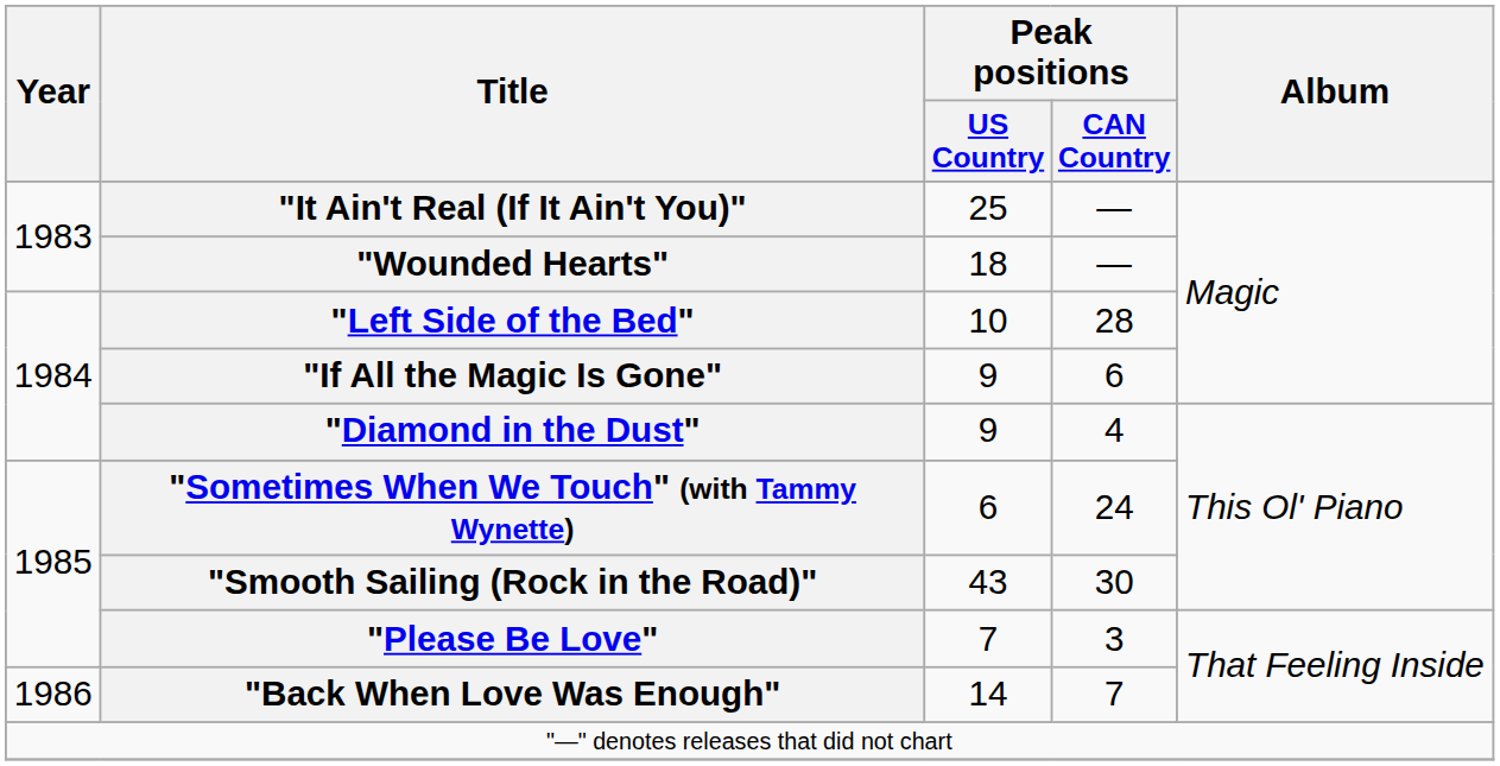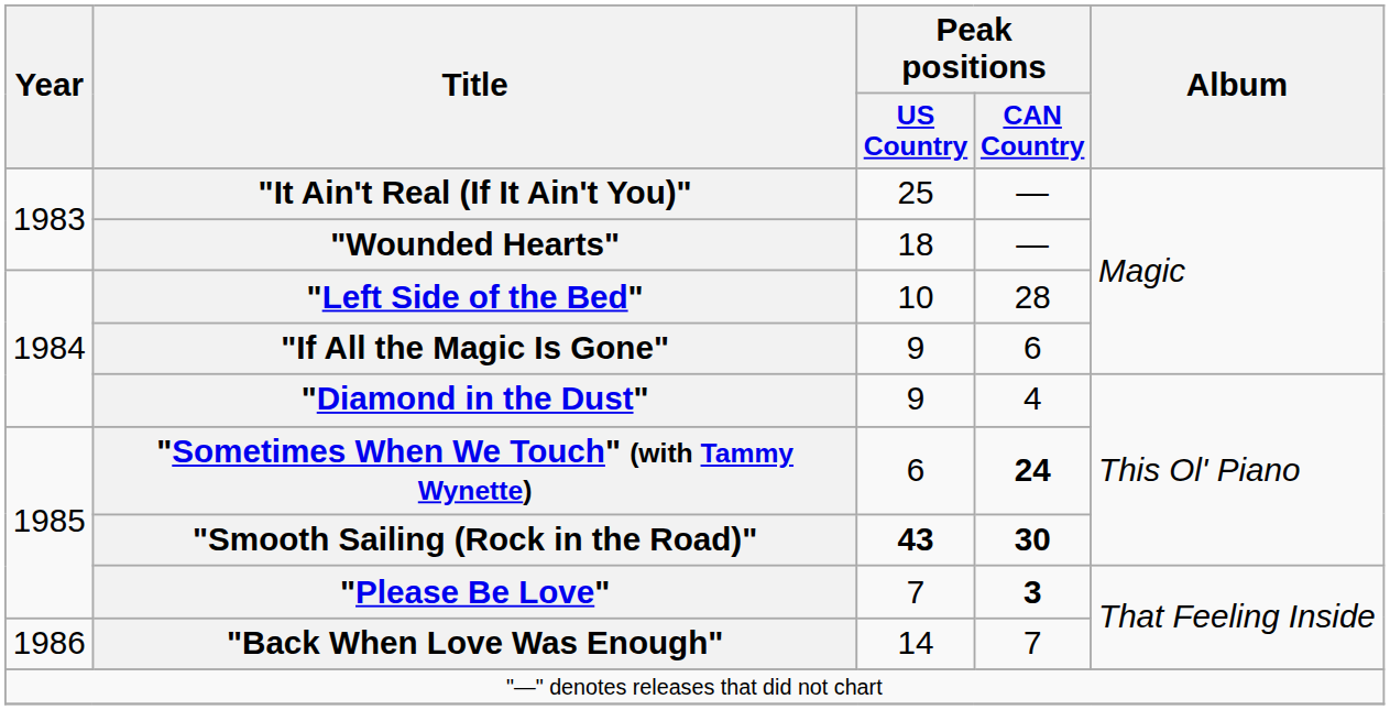 <table class="wikitable plainrowheaders" style=text-align:center;>
 <tr>
 <th scope="col" rowspan="2">Year</th>
 <th scope="col" rowspan="2" style="width:23em;">Title</th>
 <th scope="col" colspan="2">Peak positions</th>
 <th scope="col" rowspan="2">Album</th>
 </tr>
 <tr style="font-size:smaller;">
 <th width="45"><a href='#'>US Country</a><br></th>
 <th width="45"><a href='#'>CAN Country</a></th>
 </tr>
 <tr>
 <td rowspan=2>1983</td>
 <th scope="row">"It Ain't Real (If It Ain't You)"</th>
 <td>25</td>
 <td>—</td>
 <td rowspan=4 align=left><em>Magic</em></td>
 </tr>
 <tr>
 <th scope="row">"Wounded Hearts"</th>
 <td>18</td>
 <td>—</td>
 </tr>
 <tr>
 <td rowspan=3>1984</td>
 <th scope="row">"<a href='#'>Left Side of the Bed</a>"</th>
 <td>10</td>
 <td>28</td>
 </tr>
 <tr>
 <th scope="row">"If All the Magic Is Gone"</th>
 <td>9</td>
 <td>6</td>
 </tr>
 <tr>
 <th scope="row">"<a href='#'>Diamond in the Dust</a>"</th>
 <td>9</td>
 <td>4</td>
 <td rowspan=3 align=left><em>This Ol' Piano</em></td>
 </tr>
 <tr>
 <td rowspan=3>1985</td>
 <th scope="row">"<a href='#'>Sometimes When We Touch</a>" <small>(with <a href='#'>Tammy Wynette</a>)</small></th>
 <td>6</td>
-<td>24</td>
+<td><strong>24</strong></td>
 </tr>
 <tr>
 <th scope="row">"Smooth Sailing (Rock in the Road)"</th>
-<td>43</td>
-<td>30</td>
+<td><strong>43</strong></td>
+<td><strong>30</strong></td>
 </tr>
 <tr>
 <th scope="row">"<a href='#'>Please Be Love</a>"</th>
 <td>7</td>
-<td>3</td>
+<td><strong>3</strong></td>
 <td rowspan=2 align=left><em>That Feeling Inside</em></td>
 </tr>
 <tr>
 <td>1986</td>
 <th scope="row">"Back When Love Was Enough"</th>
 <td>14</td>
 <td>7</td>
 </tr>
 <tr>
 <td colspan="5" style="font-size:8pt">"—" denotes releases that did not chart</td>
 </tr>
 <tr>
 </tr>
 </table>
